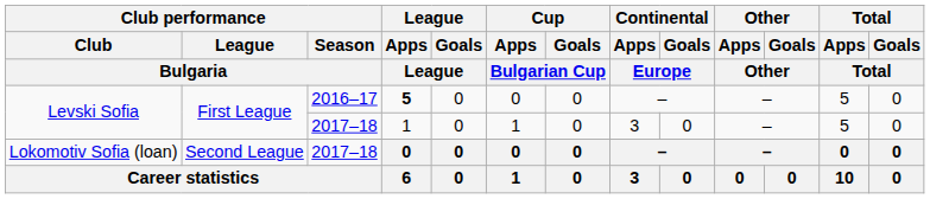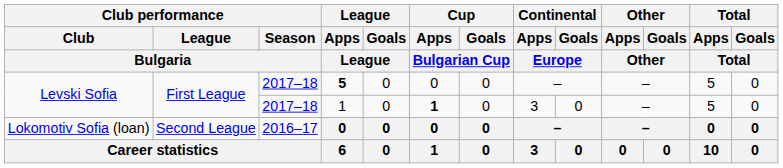 <table class="wikitable" style="text-align: center">
 <tr>
 <th Colspan="3">Club performance</th>
 <th Colspan="2">League</th>
 <th Colspan="2">Cup</th>
 <th Colspan="2">Continental</th>
 <th Colspan="2">Other</th>
 <th Colspan="3">Total</th>
 </tr>
 <tr>
 <th>Club</th>
 <th>League</th>
 <th>Season</th>
 <th>Apps</th>
 <th>Goals</th>
 <th>Apps</th>
 <th>Goals</th>
 <th>Apps</th>
 <th>Goals</th>
 <th>Apps</th>
 <th>Goals</th>
 <th>Apps</th>
 <th>Goals</th>
 </tr>
 <tr>
 <th Colspan="3">Bulgaria</th>
 <th Colspan="2">League</th>
 <th Colspan="2"><a href='#'>Bulgarian Cup</a></th>
 <th Colspan="2"><a href='#'>Europe</a></th>
 <th Colspan="2">Other</th>
 <th Colspan="2">Total</th>
 </tr>
 <tr>
 <td rowspan="2" valign="center"><a href='#'>Levski Sofia</a></td>
 <td rowspan="2"><a href='#'>First League</a></td>
-<td><a href='#'>2016–17</a></td>
+<td><a href='#'>2017–18</a></td>
 <td><strong>5</strong></td>
 <td>0</td>
 <td>0</td>
 <td>0</td>
 <td colspan="2">–</td>
 <td colspan="2">–</td>
 <td>5</td>
 <td>0</td>
 </tr>
 <tr>
 <td><a href='#'>2017–18</a></td>
 <td>1</td>
 <td>0</td>
-<td>1</td>
+<td><strong>1</strong></td>
 <td>0</td>
 <td>3</td>
 <td>0</td>
 <td colspan="2">–</td>
 <td>5</td>
 <td>0</td>
 </tr>
 <tr>
 <td rowspan="1" valign="center"><a href='#'>Lokomotiv Sofia</a> (loan)</td>
 <td rowspan="1"><a href='#'>Second League</a></td>
-<td><a href='#'>2017–18</a></td>
+<td><a href='#'>2016–17</a></td>
 <th>0</th>
 <th>0</th>
 <th>0</th>
 <th>0</th>
 <th colspan="2">–</th>
 <th colspan="2">–</th>
 <th>0</th>
 <th>0</th>
 </tr>
 <tr>
 <th colspan="3">Career statistics</th>
 <th>6</th>
 <th>0</th>
 <th>1</th>
 <th>0</th>
 <th>3</th>
 <th>0</th>
 <th>0</th>
 <th>0</th>
 <th>10</th>
 <th>0</th>
 </tr>
 </table>
